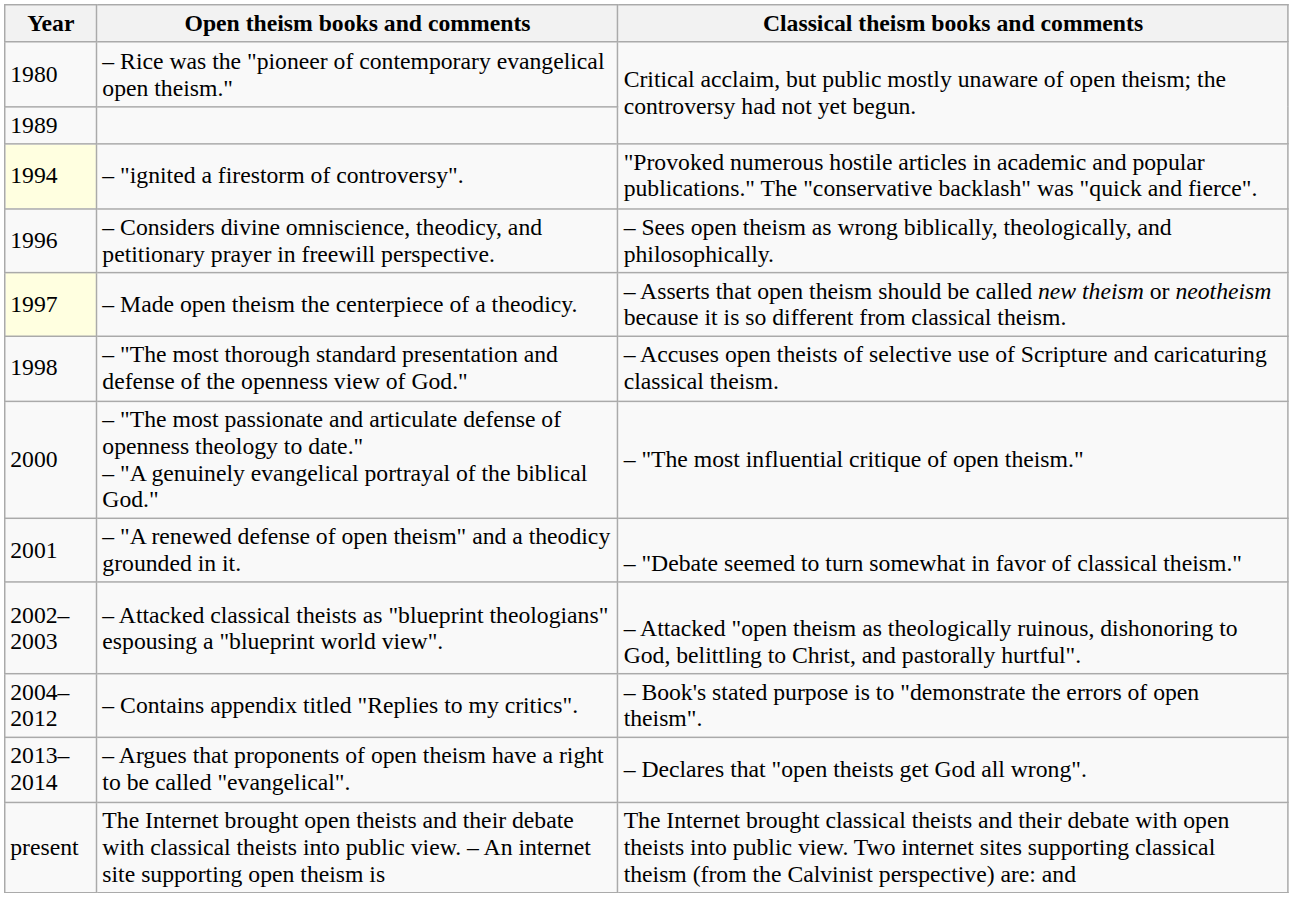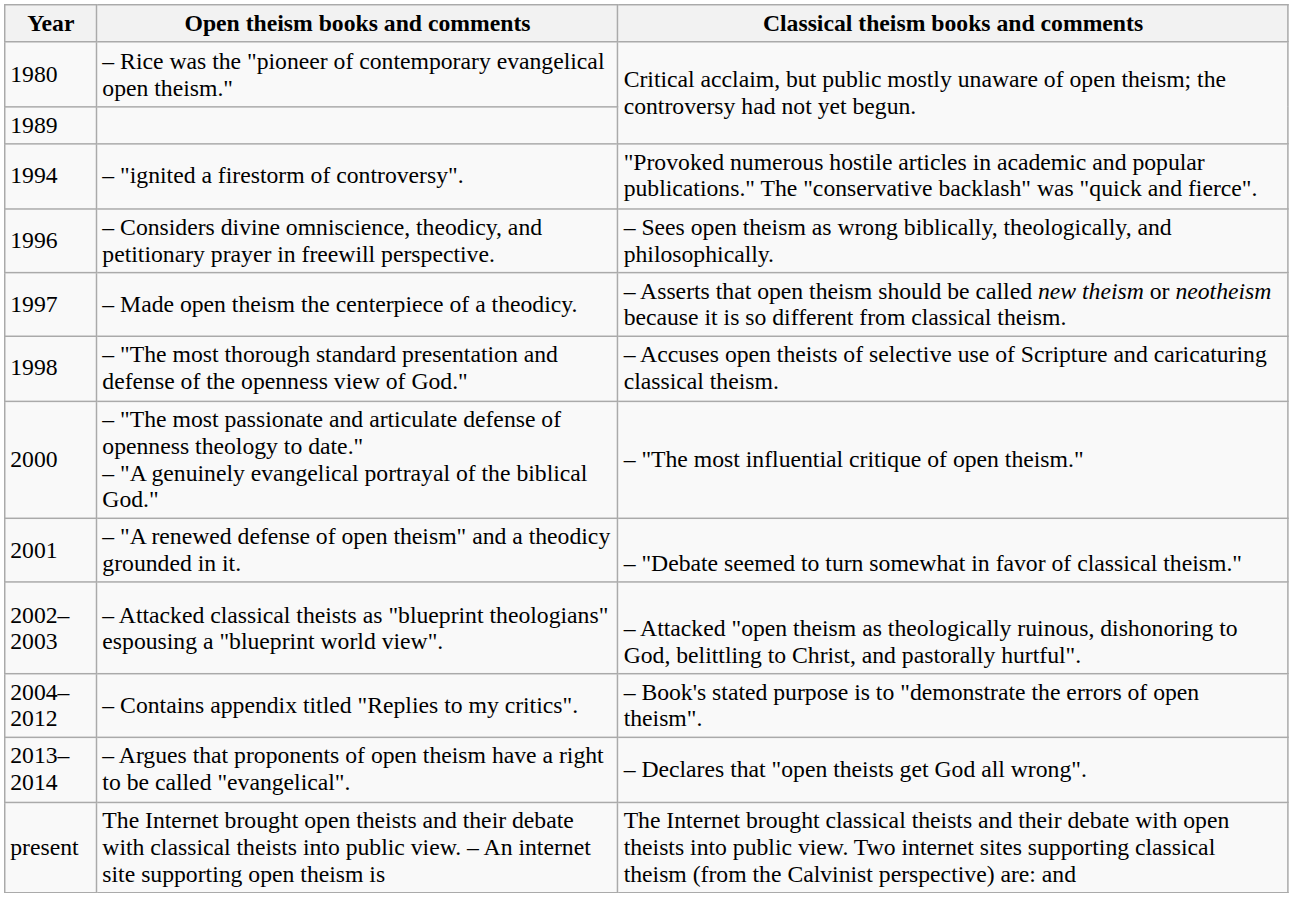 <table class="wikitable">
 <tr>
 <th>Year</th>
 <th>Open theism books and comments</th>
 <th>Classical theism books and comments</th>
 </tr>
 <tr>
 <td>1980</td>
 <td> – Rice was the "pioneer of contemporary evangelical open theism."</td>
 <td rowspan=2;>Critical acclaim, but public mostly unaware of open theism; the controversy had not yet begun.</td>
 </tr>
 <tr>
 <td>1989</td>
 <td></td>
 </tr>
 <tr>
-<td style="background: lightyellow;">1994</td>
+<td>1994</td>
 <td> – "ignited a firestorm of controversy".</td>
 <td>"Provoked numerous hostile articles in academic and popular publications." The "conservative backlash" was "quick and fierce".</td>
 </tr>
 <tr>
 <td>1996</td>
 <td> – Considers divine omniscience, theodicy, and petitionary prayer in freewill perspective.</td>
 <td> – Sees open theism as wrong biblically, theologically, and philosophically.</td>
 </tr>
 <tr>
-<td style="background: lightyellow;">1997</td>
+<td>1997</td>
 <td> – Made open theism the centerpiece of a theodicy.</td>
 <td> – Asserts that open theism should be called <em>new theism</em> or <em>neotheism</em> because it is so different from classical theism.</td>
 </tr>
 <tr>
 <td>1998</td>
 <td> – "The most thorough standard presentation and defense of the openness view of God."</td>
 <td> – Accuses open theists of selective use of Scripture and caricaturing classical theism.</td>
 </tr>
 <tr>
 <td>2000</td>
 <td> – "The most passionate and articulate defense of openness theology to date."<br> – "A genuinely evangelical portrayal of the biblical God."</td>
 <td> – "The most influential critique of open theism."</td>
 </tr>
 <tr>
 <td>2001</td>
 <td> – "A renewed defense of open theism" and a theodicy grounded in it.</td>
 <td> <br> – "Debate seemed to turn somewhat in favor of classical theism."</td>
 </tr>
 <tr>
 <td>2002–2003</td>
 <td> – Attacked classical theists as "blueprint theologians" espousing a "blueprint world view".</td>
 <td> <br> – Attacked "open theism as theologically ruinous, dishonoring to God, belittling to Christ, and pastorally hurtful". <br></td>
 </tr>
 <tr>
 <td>2004–2012</td>
 <td> – Contains appendix titled "Replies to my critics".</td>
 <td> – Book's stated purpose is to "demonstrate the errors of open theism".</td>
 </tr>
 <tr>
 <td>2013–2014</td>
 <td> – Argues that proponents of open theism have a right to be called "evangelical".</td>
 <td> – Declares that "open theists get God all wrong".</td>
 </tr>
 <tr>
 <td>present</td>
 <td>The Internet brought open theists and their debate with classical theists into public view. – An internet site supporting open theism is </td>
 <td>The Internet brought classical theists and their debate with open theists into public view. Two internet sites supporting classical theism (from the Calvinist perspective) are:  and<br></td>
 </tr>
 </table>
